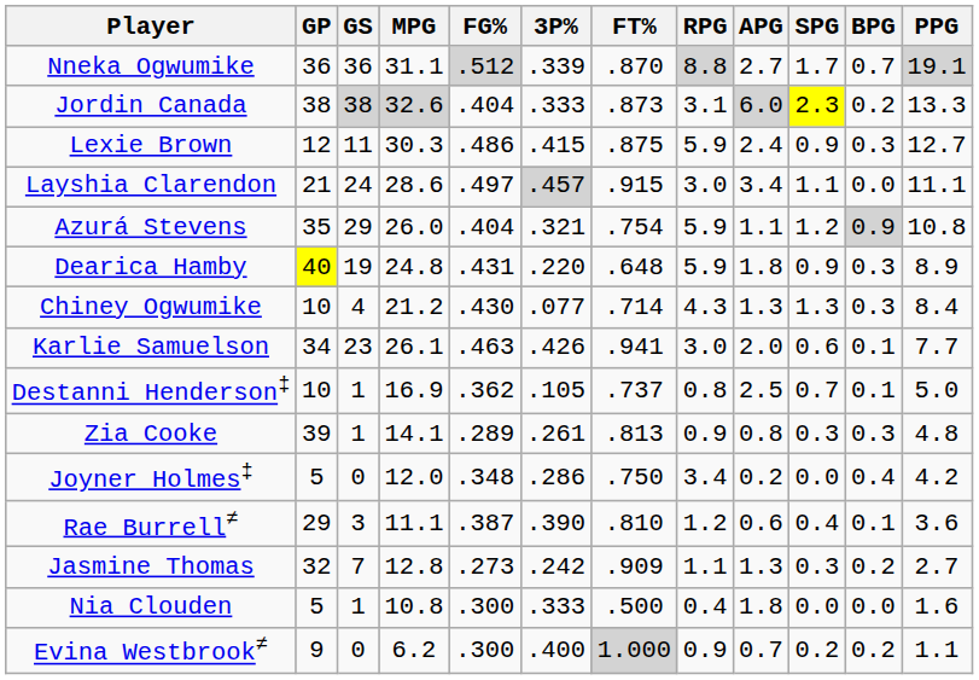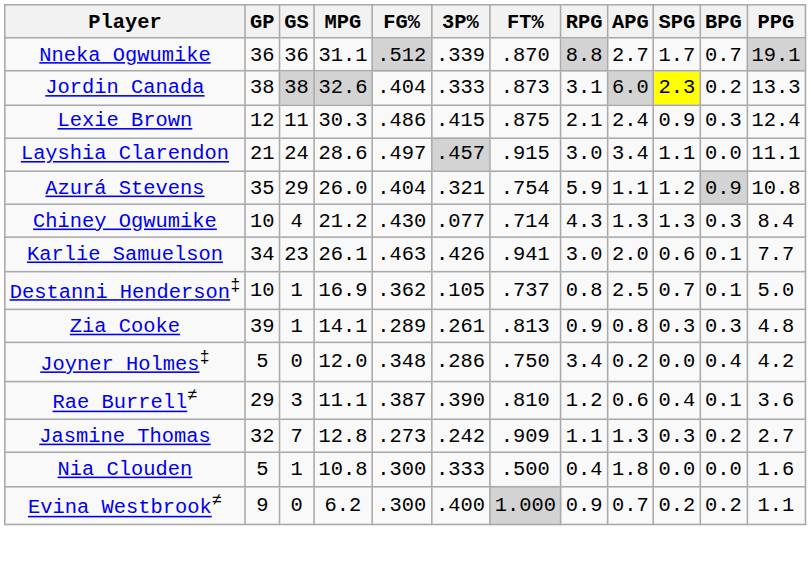 <table class="wikitable sortable" style="text-align:center;">
 <tr>
 <th>Player</th>
 <th>GP</th>
 <th>GS</th>
 <th>MPG</th>
 <th>FG%</th>
 <th>3P%</th>
 <th>FT%</th>
 <th>RPG</th>
 <th>APG</th>
 <th>SPG</th>
 <th>BPG</th>
 <th>PPG</th>
 </tr>
 <tr>
 <td><a href='#'>Nneka Ogwumike</a></td>
 <td>36</td>
 <td>36</td>
 <td>31.1</td>
 <td style="background:#D3D3D3;">.512</td>
 <td>.339</td>
 <td>.870</td>
 <td style="background:#D3D3D3;">8.8</td>
 <td>2.7</td>
 <td>1.7</td>
 <td>0.7</td>
 <td style="background:#D3D3D3;">19.1</td>
 </tr>
 <tr>
 <td><a href='#'>Jordin Canada</a></td>
 <td>38</td>
 <td style="background:#D3D3D3;">38</td>
 <td style="background:#D3D3D3;">32.6</td>
 <td>.404</td>
 <td>.333</td>
 <td>.873</td>
 <td>3.1</td>
 <td style="background:#D3D3D3;">6.0</td>
 <td style="background:yellow;">2.3</td>
 <td>0.2</td>
 <td>13.3</td>
 </tr>
 <tr>
 <td><a href='#'>Lexie Brown</a></td>
 <td>12</td>
 <td>11</td>
 <td>30.3</td>
 <td>.486</td>
 <td>.415</td>
 <td>.875</td>
-<td>5.9</td>
+<td>2.1</td>
 <td>2.4</td>
 <td>0.9</td>
 <td>0.3</td>
-<td>12.7</td>
+<td>12.4</td>
 </tr>
 <tr>
 <td><a href='#'>Layshia Clarendon</a></td>
 <td>21</td>
 <td>24</td>
 <td>28.6</td>
 <td>.497</td>
 <td style="background:#D3D3D3;">.457</td>
 <td>.915</td>
 <td>3.0</td>
 <td>3.4</td>
 <td>1.1</td>
 <td>0.0</td>
 <td>11.1</td>
 </tr>
 <tr>
 <td><a href='#'>Azurá Stevens</a></td>
 <td>35</td>
 <td>29</td>
 <td>26.0</td>
 <td>.404</td>
 <td>.321</td>
 <td>.754</td>
 <td>5.9</td>
 <td>1.1</td>
 <td>1.2</td>
 <td style="background:#D3D3D3;">0.9</td>
 <td>10.8</td>
-</tr>
-<tr>
-<td><a href='#'>Dearica Hamby</a></td>
-<td style="background:yellow;">40</td>
-<td>19</td>
-<td>24.8</td>
-<td>.431</td>
-<td>.220</td>
-<td>.648</td>
-<td>5.9</td>
-<td>1.8</td>
-<td>0.9</td>
-<td>0.3</td>
-<td>8.9</td>
 </tr>
 <tr>
 <td><a href='#'>Chiney Ogwumike</a></td>
 <td>10</td>
 <td>4</td>
 <td>21.2</td>
 <td>.430</td>
 <td>.077</td>
 <td>.714</td>
 <td>4.3</td>
 <td>1.3</td>
 <td>1.3</td>
 <td>0.3</td>
 <td>8.4</td>
 </tr>
 <tr>
 <td><a href='#'>Karlie Samuelson</a></td>
 <td>34</td>
 <td>23</td>
 <td>26.1</td>
 <td>.463</td>
 <td>.426</td>
 <td>.941</td>
 <td>3.0</td>
 <td>2.0</td>
 <td>0.6</td>
 <td>0.1</td>
 <td>7.7</td>
 </tr>
 <tr>
 <td><a href='#'>Destanni Henderson</a><sup>‡</sup></td>
 <td>10</td>
 <td>1</td>
 <td>16.9</td>
 <td>.362</td>
 <td>.105</td>
 <td>.737</td>
 <td>0.8</td>
 <td>2.5</td>
 <td>0.7</td>
 <td>0.1</td>
 <td>5.0</td>
 </tr>
 <tr>
 <td><a href='#'>Zia Cooke</a></td>
 <td>39</td>
 <td>1</td>
 <td>14.1</td>
 <td>.289</td>
 <td>.261</td>
 <td>.813</td>
 <td>0.9</td>
 <td>0.8</td>
 <td>0.3</td>
 <td>0.3</td>
 <td>4.8</td>
 </tr>
 <tr>
 <td><a href='#'>Joyner Holmes</a><sup>‡</sup></td>
 <td>5</td>
 <td>0</td>
 <td>12.0</td>
 <td>.348</td>
 <td>.286</td>
 <td>.750</td>
 <td>3.4</td>
 <td>0.2</td>
 <td>0.0</td>
 <td>0.4</td>
 <td>4.2</td>
 </tr>
 <tr>
 <td><a href='#'>Rae Burrell</a><sup>≠</sup></td>
 <td>29</td>
 <td>3</td>
 <td>11.1</td>
 <td>.387</td>
 <td>.390</td>
 <td>.810</td>
 <td>1.2</td>
 <td>0.6</td>
 <td>0.4</td>
 <td>0.1</td>
 <td>3.6</td>
 </tr>
 <tr>
 <td><a href='#'>Jasmine Thomas</a></td>
 <td>32</td>
 <td>7</td>
 <td>12.8</td>
 <td>.273</td>
 <td>.242</td>
 <td>.909</td>
 <td>1.1</td>
 <td>1.3</td>
 <td>0.3</td>
 <td>0.2</td>
 <td>2.7</td>
 </tr>
 <tr>
 <td><a href='#'>Nia Clouden</a></td>
 <td>5</td>
 <td>1</td>
 <td>10.8</td>
 <td>.300</td>
 <td>.333</td>
 <td>.500</td>
 <td>0.4</td>
 <td>1.8</td>
 <td>0.0</td>
 <td>0.0</td>
 <td>1.6</td>
 </tr>
 <tr>
 <td><a href='#'>Evina Westbrook</a><sup>≠</sup></td>
 <td>9</td>
 <td>0</td>
 <td>6.2</td>
 <td>.300</td>
 <td>.400</td>
 <td style="background:#D3D3D3;">1.000</td>
 <td>0.9</td>
 <td>0.7</td>
 <td>0.2</td>
 <td>0.2</td>
 <td>1.1</td>
 </tr>
 </table>
